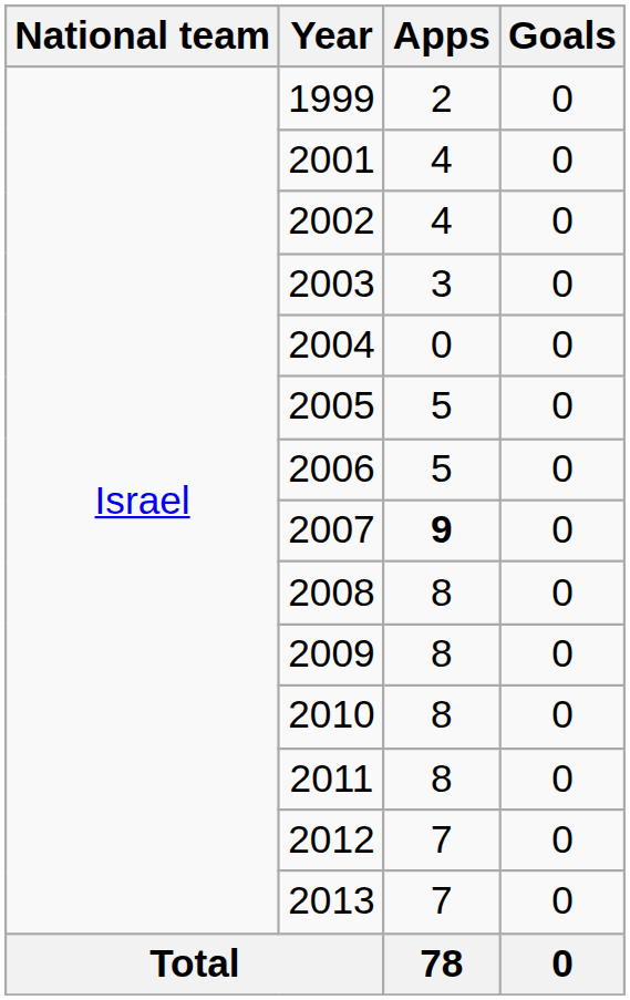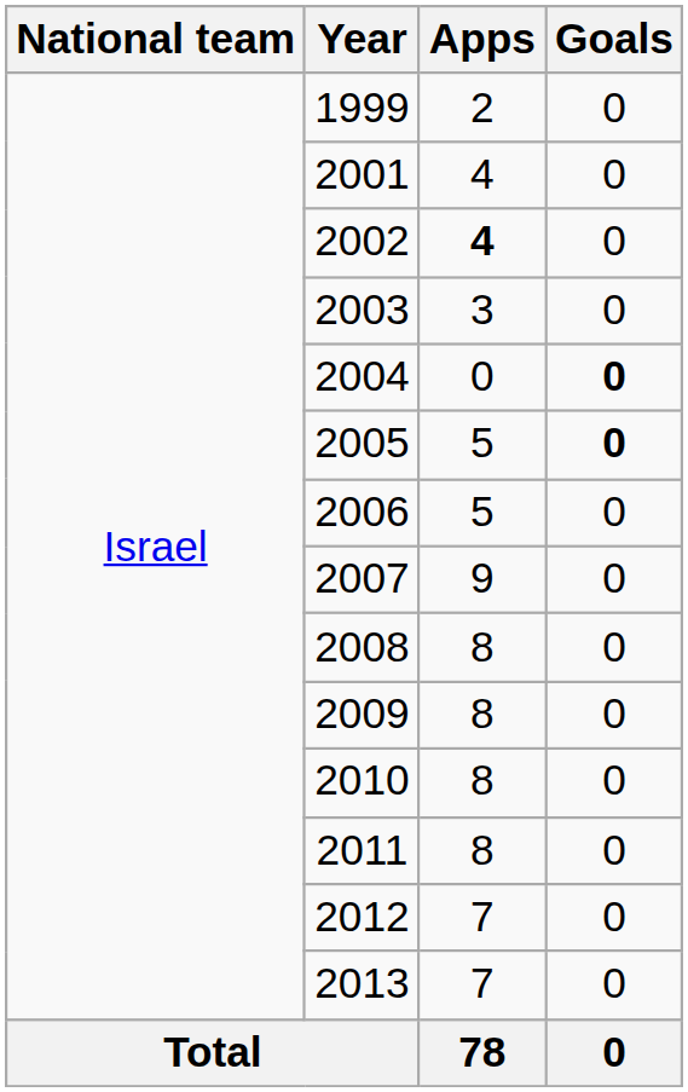 <table class=wikitable style=text-align:center>
 <tr>
 <th>National team</th>
 <th>Year</th>
 <th>Apps</th>
 <th>Goals</th>
 </tr>
 <tr>
 <td rowspan="14"><a href='#'>Israel</a></td>
 <td>1999</td>
 <td>2</td>
 <td>0</td>
 </tr>
 <tr>
 <td>2001</td>
 <td>4</td>
 <td>0</td>
 </tr>
 <tr>
 <td>2002</td>
-<td>4</td>
+<td><strong>4</strong></td>
 <td>0</td>
 </tr>
 <tr>
 <td>2003</td>
 <td>3</td>
 <td>0</td>
 </tr>
 <tr>
 <td>2004</td>
 <td>0</td>
-<td>0</td>
+<td><strong>0</strong></td>
 </tr>
 <tr>
 <td>2005</td>
 <td>5</td>
-<td>0</td>
+<td><strong>0</strong></td>
 </tr>
 <tr>
 <td>2006</td>
 <td>5</td>
 <td>0</td>
 </tr>
 <tr>
 <td>2007</td>
-<td><strong>9</strong></td>
+<td>9</td>
 <td>0</td>
 </tr>
 <tr>
 <td>2008</td>
 <td>8</td>
 <td>0</td>
 </tr>
 <tr>
 <td>2009</td>
 <td>8</td>
 <td>0</td>
 </tr>
 <tr>
 <td>2010</td>
 <td>8</td>
 <td>0</td>
 </tr>
 <tr>
 <td>2011</td>
 <td>8</td>
 <td>0</td>
 </tr>
 <tr>
 <td>2012</td>
 <td>7</td>
 <td>0</td>
 </tr>
 <tr>
 <td>2013</td>
 <td>7</td>
 <td>0</td>
 </tr>
 <tr>
 <th colspan="2">Total</th>
 <th>78</th>
 <th>0</th>
 </tr>
 </table>
